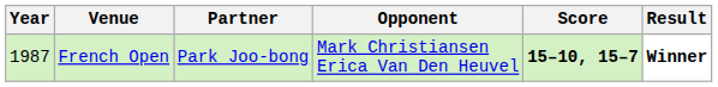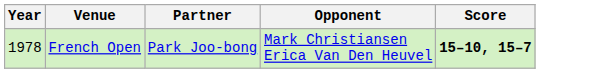 <table class="sortable wikitable" style="font-size: 90%;">
 <tr>
 <th>Year</th>
 <th>Venue</th>
 <th>Partner</th>
 <th>Opponent</th>
 <th>Score</th>
-<th>Result</th>
 </tr>
 <tr style="background:#D4F1C5">
-<td align="center">1987</td>
+<td align="center">1978</td>
 <td align="left"><a href='#'>French Open</a></td>
 <td align="left"> <a href='#'>Park Joo-bong</a></td>
 <td align="left"> <a href='#'>Mark Christiansen</a> <br> <a href='#'>Erica Van Den Heuvel</a></td>
 <td align="left"><strong>15–10, 15–7</strong></td>
-<td style="text-align:left; background: white"> <strong>Winner</strong></td>
 </tr>
 </table>
